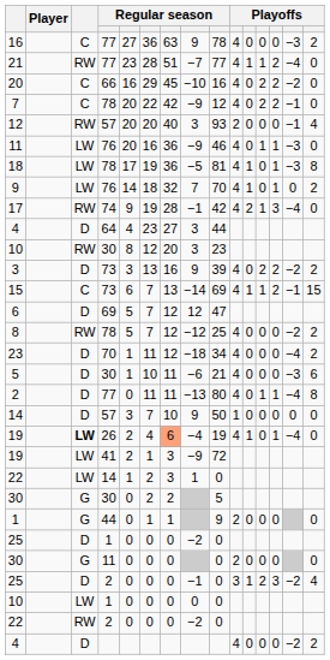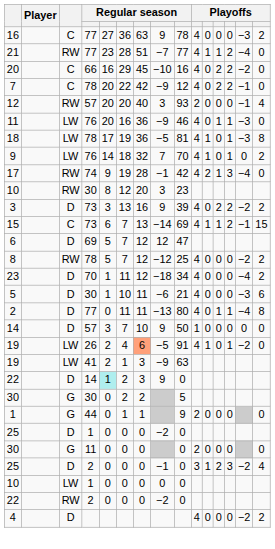 <table class="wikitable sortable plainrowheaders" style="text-align:center;">
 <tr>
 <th scope="col" data-sort-type="number" rowspan="2"></th>
 <th scope="col" rowspan="2">Player</th>
 <th scope="col" rowspan="2"></th>
 <th scope=colgroup colspan=6>Regular season</th>
 <th scope=colgroup colspan=6>Playoffs</th>
 </tr>
 <tr>
 <th scope="col" data-sort-type="number"></th>
 <th scope="col" data-sort-type="number"></th>
 <th scope="col" data-sort-type="number"></th>
 <th scope="col" data-sort-type="number"></th>
 <th scope="col" data-sort-type="number"></th>
 <th scope="col" data-sort-type="number"></th>
 <th scope="col" data-sort-type="number"></th>
 <th scope="col" data-sort-type="number"></th>
 <th scope="col" data-sort-type="number"></th>
 <th scope="col" data-sort-type="number"></th>
 <th scope="col" data-sort-type="number"></th>
 <th scope="col" data-sort-type="number"></th>
 </tr>
 <tr>
 <td scope="row">16</td>
 <td align="left"></td>
 <td>C</td>
 <td>77</td>
 <td>27</td>
 <td>36</td>
 <td>63</td>
 <td>9</td>
 <td>78</td>
 <td>4</td>
 <td>0</td>
 <td>0</td>
 <td>0</td>
 <td>−3</td>
 <td>2</td>
 </tr>
 <tr>
 <td scope="row">21</td>
 <td align="left"></td>
 <td>RW</td>
 <td>77</td>
 <td>23</td>
 <td>28</td>
 <td>51</td>
 <td>−7</td>
 <td>77</td>
 <td>4</td>
 <td>1</td>
 <td>1</td>
 <td>2</td>
 <td>−4</td>
 <td>0</td>
 </tr>
 <tr>
 <td scope="row">20</td>
 <td align="left"></td>
 <td>C</td>
 <td>66</td>
 <td>16</td>
 <td>29</td>
 <td>45</td>
 <td>−10</td>
 <td>16</td>
 <td>4</td>
 <td>0</td>
 <td>2</td>
 <td>2</td>
 <td>−2</td>
 <td>0</td>
 </tr>
 <tr>
 <td scope="row">7</td>
 <td align="left"></td>
 <td>C</td>
 <td>78</td>
 <td>20</td>
 <td>22</td>
 <td>42</td>
 <td>−9</td>
 <td>12</td>
 <td>4</td>
 <td>0</td>
 <td>2</td>
 <td>2</td>
 <td>−1</td>
 <td>0</td>
 </tr>
 <tr>
 <td scope="row">12</td>
 <td align="left"></td>
 <td>RW</td>
 <td>57</td>
 <td>20</td>
 <td>20</td>
 <td>40</td>
 <td>3</td>
 <td>93</td>
 <td>2</td>
 <td>0</td>
 <td>0</td>
 <td>0</td>
 <td>−1</td>
 <td>4</td>
 </tr>
 <tr>
 <td scope="row">11</td>
 <td align="left"></td>
 <td>LW</td>
 <td>76</td>
 <td>20</td>
 <td>16</td>
 <td>36</td>
 <td>−9</td>
 <td>46</td>
 <td>4</td>
 <td>0</td>
 <td>1</td>
 <td>1</td>
 <td>−3</td>
 <td>0</td>
 </tr>
 <tr>
 <td scope="row">18</td>
 <td align="left"></td>
 <td>LW</td>
 <td>78</td>
 <td>17</td>
 <td>19</td>
 <td>36</td>
 <td>−5</td>
 <td>81</td>
 <td>4</td>
 <td>1</td>
 <td>0</td>
 <td>1</td>
 <td>−3</td>
 <td>8</td>
 </tr>
 <tr>
 <td scope="row">9</td>
 <td align="left"></td>
 <td>LW</td>
 <td>76</td>
 <td>14</td>
 <td>18</td>
 <td>32</td>
 <td>7</td>
 <td>70</td>
 <td>4</td>
 <td>1</td>
 <td>0</td>
 <td>1</td>
 <td>0</td>
 <td>2</td>
 </tr>
 <tr>
 <td scope="row">17</td>
 <td align="left"></td>
 <td>RW</td>
 <td>74</td>
 <td>9</td>
 <td>19</td>
 <td>28</td>
 <td>−1</td>
 <td>42</td>
 <td>4</td>
 <td>2</td>
 <td>1</td>
 <td>3</td>
 <td>−4</td>
 <td>0</td>
 </tr>
 <tr>
-<td scope="row">4</td>
-<td align="left"></td>
-<td>D</td>
-<td>64</td>
-<td>4</td>
-<td>23</td>
-<td>27</td>
-<td>3</td>
-<td>44</td>
-<td></td>
-<td></td>
-<td></td>
-<td></td>
-<td></td>
-<td></td>
-</tr>
-<tr>
 <td scope="row">10</td>
 <td align="left"></td>
 <td>RW</td>
 <td>30</td>
 <td>8</td>
 <td>12</td>
 <td>20</td>
 <td>3</td>
 <td>23</td>
 <td></td>
 <td></td>
 <td></td>
 <td></td>
 <td></td>
 <td></td>
 </tr>
 <tr>
 <td scope="row">3</td>
 <td align="left"></td>
 <td>D</td>
 <td>73</td>
 <td>3</td>
 <td>13</td>
 <td>16</td>
 <td>9</td>
 <td>39</td>
 <td>4</td>
 <td>0</td>
 <td>2</td>
 <td>2</td>
 <td>−2</td>
 <td>2</td>
 </tr>
 <tr>
 <td scope="row">15</td>
 <td align="left"></td>
 <td>C</td>
 <td>73</td>
 <td>6</td>
 <td>7</td>
 <td>13</td>
 <td>−14</td>
 <td>69</td>
 <td>4</td>
 <td>1</td>
 <td>1</td>
 <td>2</td>
 <td>−1</td>
 <td>15</td>
 </tr>
 <tr>
 <td scope="row">6</td>
 <td align="left"></td>
 <td>D</td>
 <td>69</td>
 <td>5</td>
 <td>7</td>
 <td>12</td>
 <td>12</td>
 <td>47</td>
 <td></td>
 <td></td>
 <td></td>
 <td></td>
 <td></td>
 <td></td>
 </tr>
 <tr>
 <td scope="row">8</td>
 <td align="left"></td>
 <td>RW</td>
 <td>78</td>
 <td>5</td>
 <td>7</td>
 <td>12</td>
 <td>−12</td>
 <td>25</td>
 <td>4</td>
 <td>0</td>
 <td>0</td>
 <td>0</td>
 <td>−2</td>
 <td>2</td>
 </tr>
 <tr>
 <td scope="row">23</td>
 <td align="left"></td>
 <td>D</td>
 <td>70</td>
 <td>1</td>
 <td>11</td>
 <td>12</td>
 <td>−18</td>
 <td>34</td>
 <td>4</td>
 <td>0</td>
 <td>0</td>
 <td>0</td>
 <td>−4</td>
 <td>2</td>
 </tr>
 <tr>
 <td scope="row">5</td>
 <td align="left"></td>
 <td>D</td>
 <td>30</td>
 <td>1</td>
 <td>10</td>
 <td>11</td>
 <td>−6</td>
 <td>21</td>
 <td>4</td>
 <td>0</td>
 <td>0</td>
 <td>0</td>
 <td>−3</td>
 <td>6</td>
 </tr>
 <tr>
 <td scope="row">2</td>
 <td align="left"></td>
 <td>D</td>
 <td>77</td>
 <td>0</td>
 <td>11</td>
 <td>11</td>
 <td>−13</td>
 <td>80</td>
 <td>4</td>
 <td>0</td>
 <td>1</td>
 <td>1</td>
 <td>−4</td>
 <td>8</td>
 </tr>
 <tr>
 <td scope="row">14</td>
 <td align="left"></td>
 <td>D</td>
 <td>57</td>
 <td>3</td>
 <td>7</td>
 <td>10</td>
 <td>9</td>
 <td>50</td>
 <td>1</td>
 <td>0</td>
 <td>0</td>
 <td>0</td>
 <td>0</td>
 <td>0</td>
 </tr>
 <tr>
 <td scope="row">19</td>
 <td align="left"></td>
-<td><strong>LW</strong></td>
+<td>LW</td>
 <td>26</td>
 <td>2</td>
 <td>4</td>
 <td style="background: lightsalmon;">6</td>
-<td>−4</td>
-<td>19</td>
+<td>−5</td>
+<td>91</td>
 <td>4</td>
 <td>1</td>
 <td>0</td>
 <td>1</td>
-<td>−4</td>
+<td>−2</td>
 <td>0</td>
 </tr>
 <tr>
 <td scope="row">19</td>
 <td align="left"></td>
 <td>LW</td>
 <td>41</td>
 <td>2</td>
 <td>1</td>
 <td>3</td>
 <td>−9</td>
-<td>72</td>
+<td>63</td>
 <td></td>
 <td></td>
 <td></td>
 <td></td>
 <td></td>
 <td></td>
 </tr>
 <tr>
 <td scope="row">22</td>
 <td align="left"></td>
-<td>LW</td>
+<td>D</td>
 <td>14</td>
-<td>1</td>
+<td style="background: paleturquoise;">1</td>
 <td>2</td>
 <td>3</td>
-<td>1</td>
+<td>9</td>
 <td>0</td>
 <td></td>
 <td></td>
 <td></td>
 <td></td>
 <td></td>
 <td></td>
 </tr>
 <tr>
 <td scope="row">30</td>
 <td align="left"></td>
 <td>G</td>
 <td>30</td>
 <td>0</td>
 <td>2</td>
 <td>2</td>
 <td style="background:#ccc"></td>
 <td>5</td>
 <td></td>
 <td></td>
 <td></td>
 <td></td>
 <td></td>
 <td></td>
 </tr>
 <tr>
 <td scope="row">1</td>
 <td align="left"></td>
 <td>G</td>
 <td>44</td>
 <td>0</td>
 <td>1</td>
 <td>1</td>
 <td style="background:#ccc"></td>
 <td>9</td>
 <td>2</td>
 <td>0</td>
 <td>0</td>
 <td>0</td>
 <td style="background:#ccc"></td>
 <td>0</td>
 </tr>
 <tr>
 <td scope="row">25</td>
 <td align="left"></td>
 <td>D</td>
 <td>1</td>
 <td>0</td>
 <td>0</td>
 <td>0</td>
 <td>−2</td>
 <td>0</td>
 <td></td>
 <td></td>
 <td></td>
 <td></td>
 <td></td>
 <td></td>
 </tr>
 <tr>
 <td scope="row">30</td>
 <td align="left"></td>
 <td>G</td>
 <td>11</td>
 <td>0</td>
 <td>0</td>
 <td>0</td>
 <td style="background:#ccc"></td>
 <td>0</td>
 <td>2</td>
 <td>0</td>
 <td>0</td>
 <td>0</td>
 <td style="background:#ccc"></td>
 <td>0</td>
 </tr>
 <tr>
 <td scope="row">25</td>
 <td align="left"></td>
 <td>D</td>
 <td>2</td>
 <td>0</td>
 <td>0</td>
 <td>0</td>
 <td>−1</td>
 <td>0</td>
 <td>3</td>
 <td>1</td>
 <td>2</td>
 <td>3</td>
 <td>−2</td>
 <td>4</td>
 </tr>
 <tr>
 <td scope="row">10</td>
 <td align="left"></td>
 <td>LW</td>
 <td>1</td>
 <td>0</td>
 <td>0</td>
 <td>0</td>
 <td>0</td>
 <td>0</td>
 <td></td>
 <td></td>
 <td></td>
 <td></td>
 <td></td>
 <td></td>
 </tr>
 <tr>
 <td scope="row">22</td>
 <td align="left"></td>
 <td>RW</td>
 <td>2</td>
 <td>0</td>
 <td>0</td>
 <td>0</td>
 <td>−2</td>
 <td>0</td>
 <td></td>
 <td></td>
 <td></td>
 <td></td>
 <td></td>
 <td></td>
 </tr>
 <tr>
 <td scope="row">4</td>
 <td align="left"></td>
 <td>D</td>
 <td></td>
 <td></td>
 <td></td>
 <td></td>
 <td></td>
 <td></td>
 <td>4</td>
 <td>0</td>
 <td>0</td>
 <td>0</td>
 <td>−2</td>
 <td>2</td>
 </tr>
 </table>
